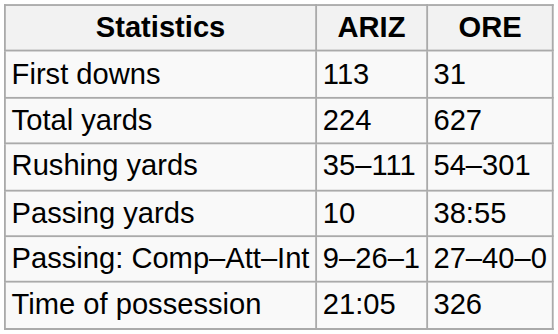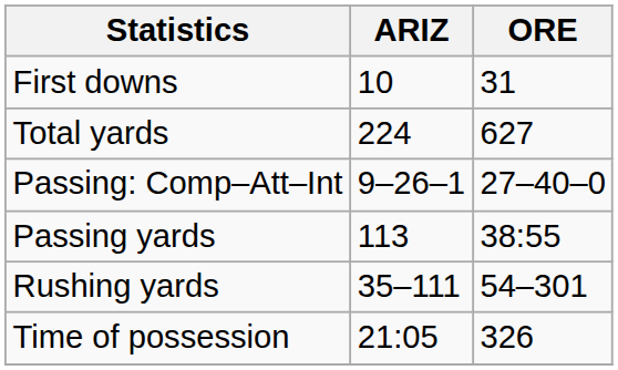 <table class="wikitable" style="float: left;">
 <tr>
 <th>Statistics</th>
 <th>ARIZ</th>
 <th>ORE</th>
 </tr>
 <tr>
 <td>First downs</td>
-<td>113</td>
+<td>10</td>
 <td>31</td>
 </tr>
 <tr>
 <td>Total yards</td>
 <td>224</td>
 <td>627</td>
 </tr>
 <tr>
+<td>Passing: Comp–Att–Int</td>
+<td>9–26–1</td>
+<td>27–40–0</td>
+</tr>
+<tr>
+<td>Passing yards</td>
+<td>113</td>
+<td>38:55</td>
+</tr>
+<tr>
 <td>Rushing yards</td>
 <td>35–111</td>
 <td>54–301</td>
-</tr>
-<tr>
-<td>Passing yards</td>
-<td>10</td>
-<td>38:55</td>
-</tr>
-<tr>
-<td>Passing: Comp–Att–Int</td>
-<td>9–26–1</td>
-<td>27–40–0</td>
 </tr>
 <tr>
 <td>Time of possession</td>
 <td>21:05</td>
 <td>326</td>
 </tr>
 <tr>
 </tr>
 </table>
